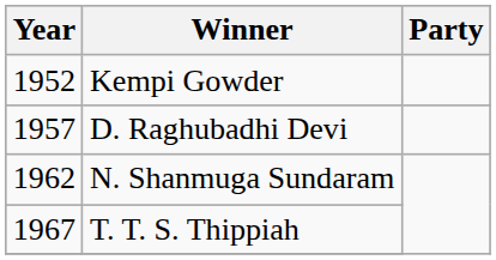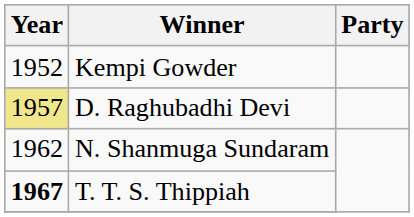 <table class="wikitable">
 <tr>
 <th>Year</th>
 <th>Winner</th>
 <th colspan="2">Party</th>
 </tr>
 <tr>
 <td>1952</td>
 <td>Kempi Gowder</td>
 <td></td>
 </tr>
 <tr>
-<td>1957</td>
+<td style="background: khaki;">1957</td>
 <td>D. Raghubadhi Devi</td>
 <td></td>
 </tr>
 <tr>
 <td>1962</td>
 <td>N. Shanmuga Sundaram</td>
 </tr>
 <tr>
-<td>1967</td>
+<td><strong>1967</strong></td>
 <td>T. T. S. Thippiah</td>
 </tr>
 <tr>
 </tr>
 </table>
